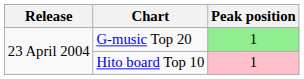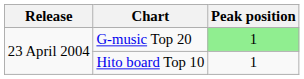 <table class="wikitable">
 <tr>
 <th>Release</th>
 <th>Chart</th>
 <th>Peak position</th>
 </tr>
 <tr>
 <td rowspan=2>23 April 2004</td>
 <td><a href='#'>G-music</a> Top 20</td>
 <td align="center" style="background: lightgreen;">1</td>
 </tr>
 <tr>
 <td><a href='#'>Hito board</a> Top 10</td>
-<td align="center" style="background: pink;">1</td>
+<td align="center">1</td>
 </tr>
 </table>
